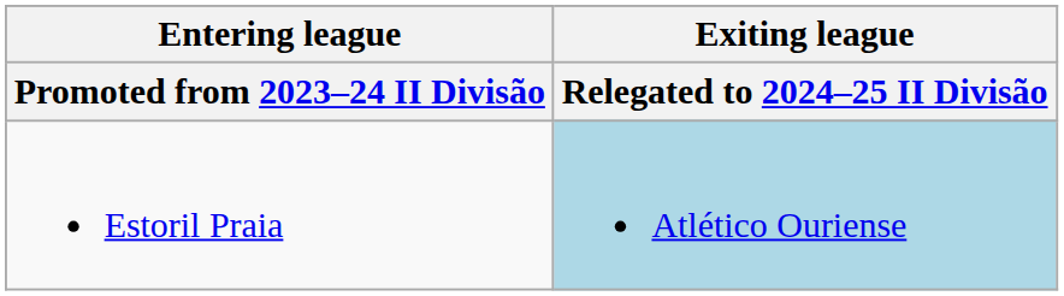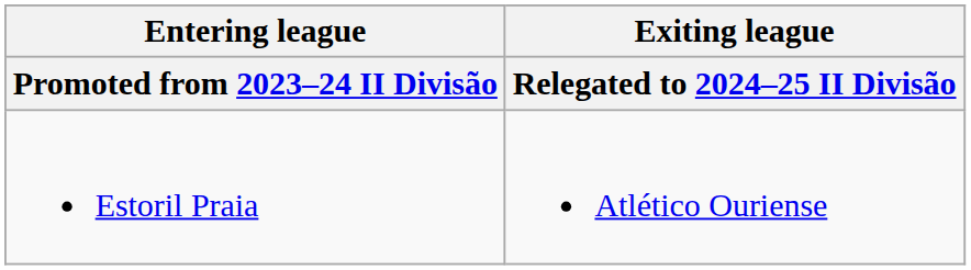 <table class="wikitable">
 <tr>
 <th>Entering league</th>
 <th>Exiting league</th>
 </tr>
 <tr>
 <th>Promoted from <a href='#'>2023–24 II Divisão</a></th>
 <th>Relegated to <a href='#'>2024–25 II Divisão</a></th>
 </tr>
 <tr style="vertical-align:top;">
 <td><br><ul><li><a href='#'>Estoril Praia</a></li></ul></td>
-<td style="background: lightblue;"><br><ul><li><a href='#'>Atlético Ouriense</a></li></ul></td>
+<td><br><ul><li><a href='#'>Atlético Ouriense</a></li></ul></td>
 </tr>
 </table>
